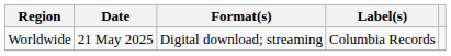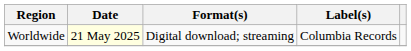 <table class="wikitable sortable plainrowheaders">
 <tr>
 <th scope="col">Region</th>
 <th scope="col">Date</th>
 <th scope="col">Format(s)</th>
 <th scope="col">Label(s)</th>
 <th scope="col"></th>
 </tr>
 <tr>
 <td>Worldwide</td>
-<td>21 May 2025</td>
+<td style="background: lightyellow;">21 May 2025</td>
 <td>Digital download; streaming</td>
 <td>Columbia Records</td>
 <td></td>
 </tr>
 <tr>
 </tr>
 </table>
